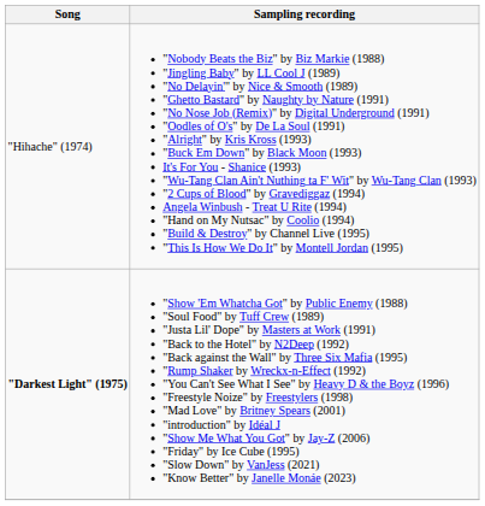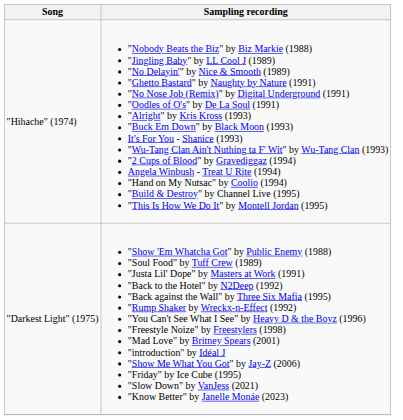 <table class="wikitable">
 <tr>
 <th align="center">Song</th>
 <th align="center">Sampling recording</th>
 </tr>
 <tr>
 <td>"Hihache" (1974)</td>
 <td><br><ul><li>"<a href='#'>Nobody Beats the Biz</a>" by <a href='#'>Biz Markie</a> (1988)</li><li>"<a href='#'>Jingling Baby</a>" by <a href='#'>LL Cool J</a> (1989)</li><li>"<a href='#'>No Delayin'</a>" by <a href='#'>Nice & Smooth</a> (1989)</li><li>"<a href='#'>Ghetto Bastard</a>" by <a href='#'>Naughty by Nature</a> (1991)</li><li>"<a href='#'>No Nose Job (Remix)</a>" by <a href='#'>Digital Underground</a> (1991)</li><li>"<a href='#'>Oodles of O's</a>" by <a href='#'>De La Soul</a> (1991)</li><li>"<a href='#'>Alright</a>" by <a href='#'>Kris Kross</a> (1993)</li><li>"<a href='#'>Buck Em Down</a>" by <a href='#'>Black Moon</a> (1993)</li><li><a href='#'>It's For You</a> - <a href='#'>Shanice</a> (1993)</li><li>"<a href='#'>Wu-Tang Clan Ain't Nuthing ta F' Wit</a>" by <a href='#'>Wu-Tang Clan</a> (1993)</li><li>"<a href='#'>2 Cups of Blood</a>" by <a href='#'>Gravediggaz</a> (1994)</li><li><a href='#'>Angela Winbush</a> - <a href='#'>Treat U Rite</a> (1994)</li><li>"Hand on My Nutsac" by <a href='#'>Coolio</a> (1994)</li><li>"<a href='#'>Build & Destroy</a>" by Channel Live (1995)</li><li>"<a href='#'>This Is How We Do It</a>" by <a href='#'>Montell Jordan</a> (1995)</li></ul></td>
 </tr>
 <tr>
-<td><strong>"Darkest Light" (1975)</strong></td>
+<td>"Darkest Light" (1975)</td>
 <td><br><ul><li>"<a href='#'>Show 'Em Whatcha Got</a>" by <a href='#'>Public Enemy</a> (1988)</li><li>"Soul Food" by <a href='#'>Tuff Crew</a> (1989)</li><li>"Justa Lil' Dope" by <a href='#'>Masters at Work</a> (1991)</li><li>"Back to the Hotel" by <a href='#'>N2Deep</a>  (1992)</li><li>"Back against the Wall" by <a href='#'>Three Six Mafia</a> (1995)</li><li>"<a href='#'>Rump Shaker</a> by <a href='#'>Wreckx-n-Effect</a> (1992)</li><li>"You Can't See What I See" by <a href='#'>Heavy D & the Boyz</a> (1996)</li><li>"Freestyle Noize" by <a href='#'>Freestylers</a> (1998)</li><li>"Mad Love" by <a href='#'>Britney Spears</a> (2001)</li><li>"introduction"  by <a href='#'>Idéal J</a></li><li>"<a href='#'>Show Me What You Got</a>" by <a href='#'>Jay-Z</a> (2006)</li><li>"Friday" by Ice Cube (1995)</li><li>"Slow Down" by <a href='#'>VanJess</a> (2021)</li><li>"Know Better" by <a href='#'>Janelle Monáe</a> (2023)</li></ul></td>
 </tr>
 <tr>
 </tr>
 </table>
